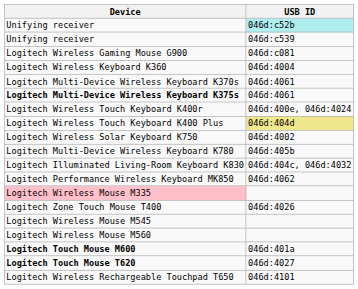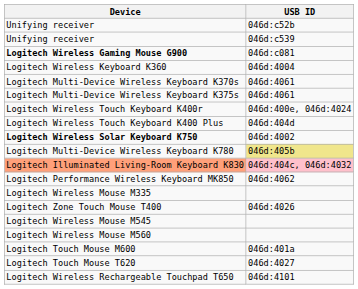 <table class="wikitable">
 <tr>
 <th>Device</th>
 <th>USB ID</th>
 </tr>
 <tr>
 <td>Unifying receiver</td>
-<td style="background: paleturquoise;">046d:c52b</td>
+<td>046d:c52b</td>
 </tr>
 <tr>
 <td>Unifying receiver</td>
 <td>046d:c539</td>
 </tr>
 <tr>
-<td>Logitech Wireless Gaming Mouse G900</td>
+<td><strong>Logitech Wireless Gaming Mouse G900</strong></td>
 <td>046d:c081</td>
 </tr>
 <tr>
 <td>Logitech Wireless Keyboard K360</td>
 <td>046d:4004</td>
 </tr>
 <tr>
 <td>Logitech Multi-Device Wireless Keyboard K370s</td>
 <td>046d:4061</td>
 </tr>
 <tr>
-<td><strong>Logitech Multi-Device Wireless Keyboard K375s</strong></td>
+<td>Logitech Multi-Device Wireless Keyboard K375s</td>
 <td>046d:4061</td>
 </tr>
 <tr>
 <td>Logitech Wireless Touch Keyboard K400r</td>
 <td>046d:400e, 046d:4024</td>
 </tr>
 <tr>
 <td>Logitech Wireless Touch Keyboard K400 Plus</td>
-<td style="background: khaki;">046d:404d</td>
+<td>046d:404d</td>
 </tr>
 <tr>
-<td>Logitech Wireless Solar Keyboard K750</td>
+<td><strong>Logitech Wireless Solar Keyboard K750</strong></td>
 <td>046d:4002</td>
 </tr>
 <tr>
 <td>Logitech Multi-Device Wireless Keyboard K780</td>
-<td>046d:405b</td>
+<td style="background: khaki;">046d:405b</td>
 </tr>
 <tr>
-<td>Logitech Illuminated Living-Room Keyboard K830</td>
-<td>046d:404c, 046d:4032</td>
+<td style="background: lightsalmon;">Logitech Illuminated Living-Room Keyboard K830</td>
+<td style="background: pink;">046d:404c, 046d:4032</td>
 </tr>
 <tr>
 <td>Logitech Performance Wireless Keyboard MK850</td>
 <td>046d:4062</td>
 </tr>
 <tr>
-<td style="background: pink;">Logitech Wireless Mouse M335</td>
+<td>Logitech Wireless Mouse M335</td>
 <td></td>
 </tr>
 <tr>
 <td>Logitech Zone Touch Mouse T400</td>
 <td>046d:4026</td>
 </tr>
 <tr>
 <td>Logitech Wireless Mouse M545</td>
 <td></td>
 </tr>
 <tr>
 <td>Logitech Wireless Mouse M560</td>
 <td></td>
 </tr>
 <tr>
-<td><strong>Logitech Touch Mouse M600</strong></td>
+<td>Logitech Touch Mouse M600</td>
 <td>046d:401a</td>
 </tr>
 <tr>
-<td><strong>Logitech Touch Mouse T620</strong></td>
+<td>Logitech Touch Mouse T620</td>
 <td>046d:4027</td>
 </tr>
 <tr>
 <td>Logitech Wireless Rechargeable Touchpad T650</td>
 <td>046d:4101</td>
 </tr>
 </table>
